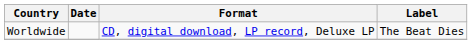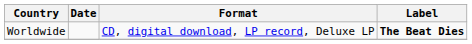 <table class="wikitable">
 <tr>
 <th>Country</th>
 <th>Date</th>
 <th>Format</th>
 <th>Label</th>
 </tr>
 <tr>
 <td>Worldwide</td>
 <td></td>
 <td><a href='#'>CD</a>, <a href='#'>digital download</a>, <a href='#'>LP record</a>, Deluxe LP</td>
-<td>The Beat Dies</td>
+<td><strong>The Beat Dies</strong></td>
 </tr>
 <tr>
 </tr>
 </table>
